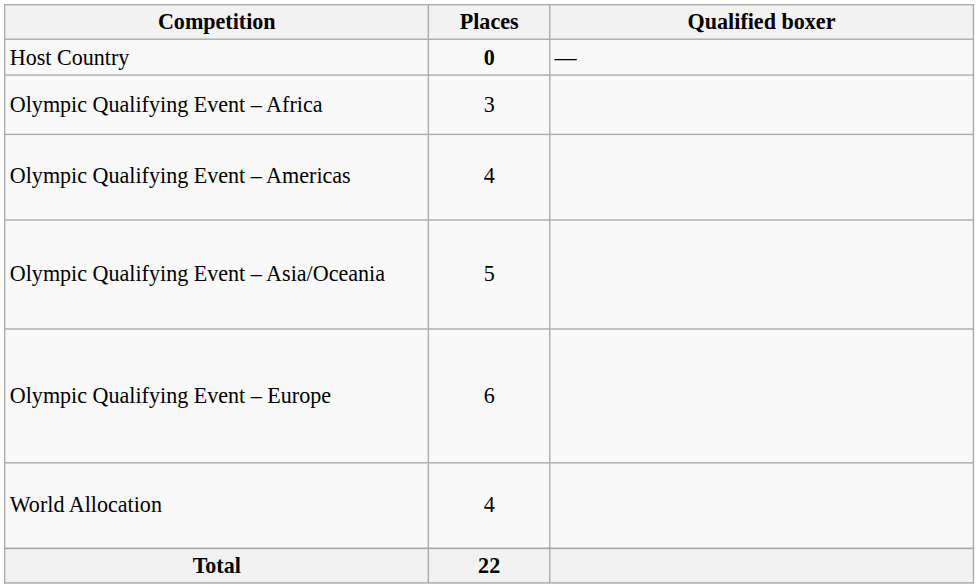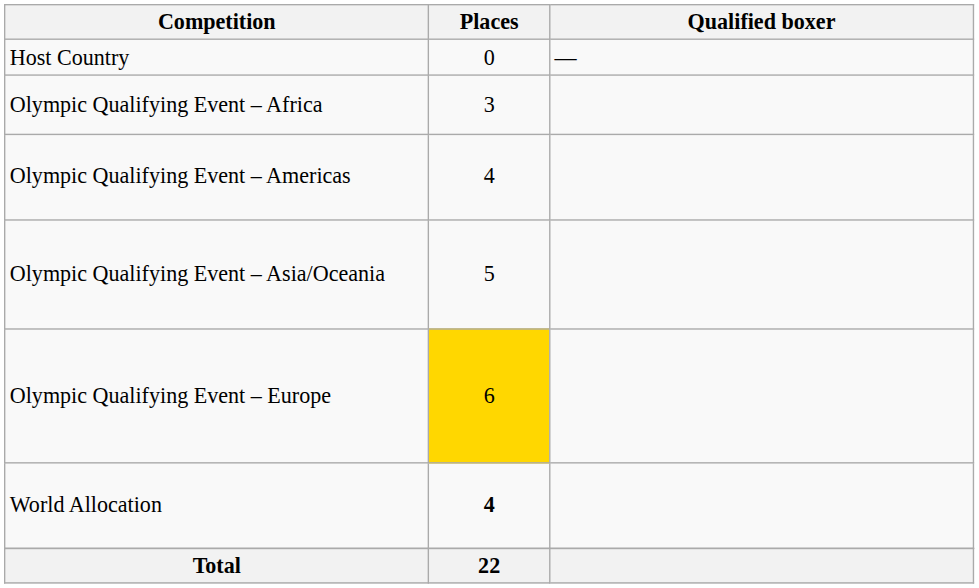 <table class=wikitable>
 <tr>
 <th width=300>Competition</th>
 <th width=80>Places</th>
 <th width=300>Qualified boxer</th>
 </tr>
 <tr>
 <td>Host Country</td>
-<td align="center"><strong>0</strong></td>
+<td align="center">0</td>
 <td>—</td>
 </tr>
 <tr>
 <td>Olympic Qualifying Event – Africa</td>
 <td align="center">3</td>
 <td><br><br></td>
 </tr>
 <tr>
 <td>Olympic Qualifying Event – Americas</td>
 <td align="center">4</td>
 <td><br><br><br></td>
 </tr>
 <tr>
 <td>Olympic Qualifying Event – Asia/Oceania</td>
 <td align="center">5</td>
 <td><br><br><br><br></td>
 </tr>
 <tr>
 <td>Olympic Qualifying Event – Europe</td>
-<td align="center">6</td>
+<td align="center" style="background: gold;">6</td>
 <td><br><br><br><br><br></td>
 </tr>
 <tr>
 <td>World Allocation</td>
-<td align="center">4</td>
+<td align="center"><strong>4</strong></td>
 <td><br> <br> <br></td>
 </tr>
 <tr>
 </tr>
 <tr>
 <th>Total</th>
 <th>22</th>
 <th></th>
 </tr>
 </table>
